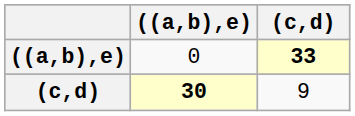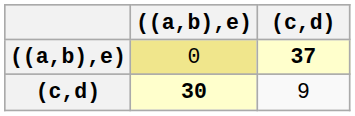 <table class="wikitable" style="text-align: center">
 <tr>
 <th style="width: 50px;"></th>
 <th style="width: 50px;">((a,b),e)</th>
 <th style="width: 50px;">(c,d)</th>
 </tr>
 <tr>
 <th>((a,b),e)</th>
-<td>0</td>
-<td style=background:#ffffcc;><strong>33</strong></td>
+<td style="background: khaki;">0</td>
+<td style=background:#ffffcc;><strong>37</strong></td>
 </tr>
 <tr>
 <th>(c,d)</th>
 <td style=background:#ffffcc;><strong>30</strong></td>
 <td>9</td>
 </tr>
 </table>
